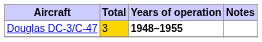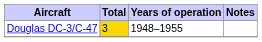 <table class="toccolours" border="1" cellpadding="3" style="margin: 1em auto; border-collapse:collapse;">
 <tr bgcolor=#ccccff>
 <th>Aircraft</th>
 <th>Total</th>
 <th>Years of operation<br></th>
 <th>Notes</th>
 </tr>
 <tr>
 <td><a href='#'>Douglas DC-3/C-47</a></td>
 <td style="background: gold;">3</td>
-<td><strong>1948–1955</strong></td>
+<td>1948–1955</td>
 <td></td>
 </tr>
 <tr>
 </tr>
 </table>
